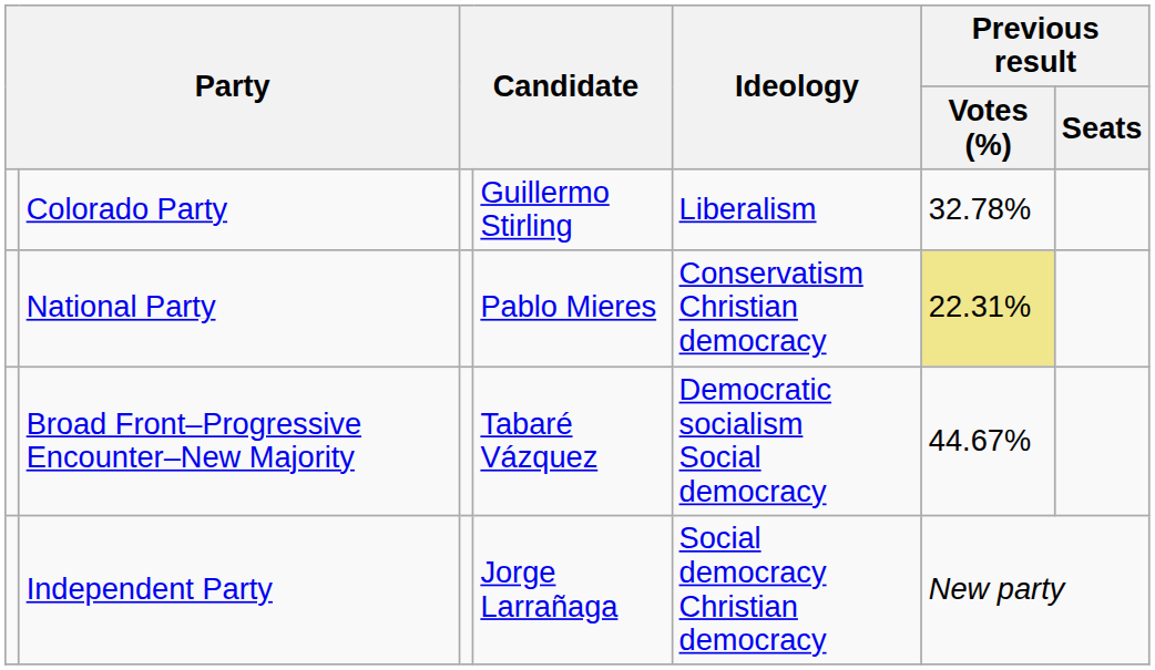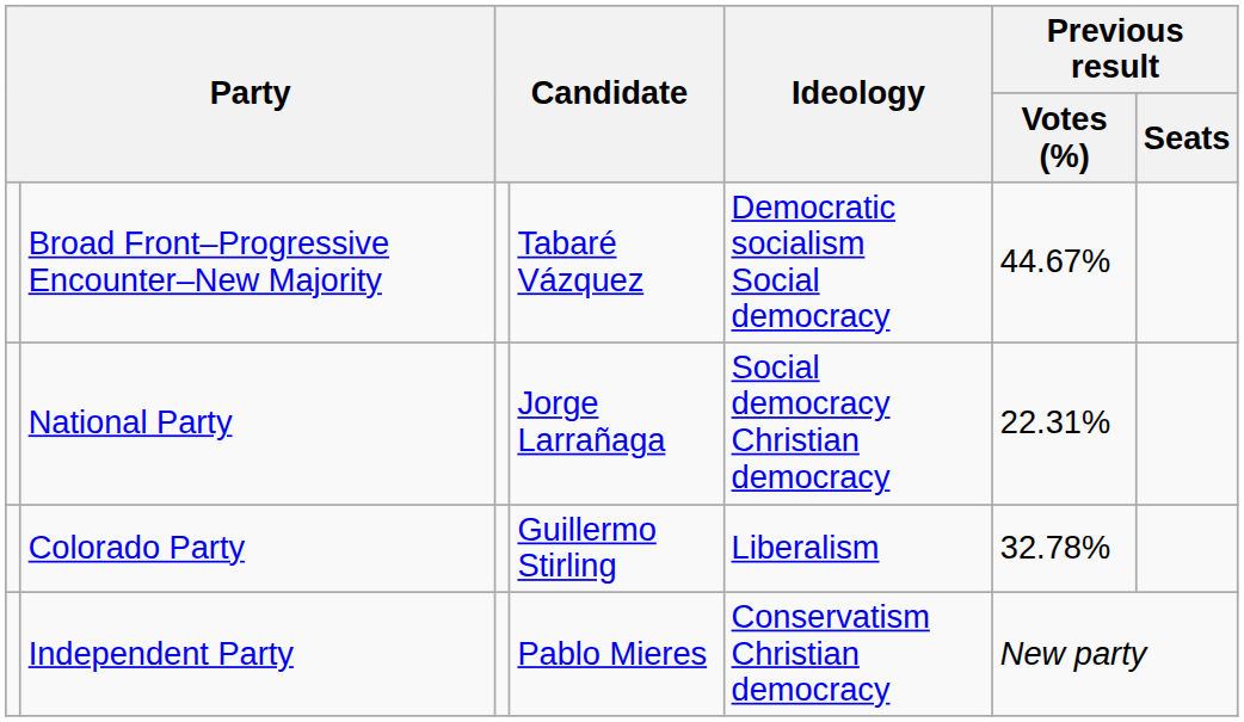 <table class="wikitable">
 <tr>
 <th colspan="2" rowspan="2">Party</th>
 <th colspan="2" rowspan="2">Candidate</th>
 <th rowspan="2">Ideology</th>
 <th colspan="2">Previous result</th>
 </tr>
 <tr>
 <th>Votes (%)</th>
 <th>Seats</th>
 </tr>
 <tr>
 <td></td>
+<td><a href='#'>Broad Front–Progressive Encounter–New Majority</a></td>
+<td></td>
+<td><a href='#'>Tabaré Vázquez</a></td>
+<td><a href='#'>Democratic socialism</a><br><a href='#'>Social democracy</a></td>
+<td>44.67%</td>
+<td></td>
+</tr>
+<tr>
+<td></td>
+<td><a href='#'>National Party</a></td>
+<td></td>
+<td><a href='#'>Jorge Larrañaga</a></td>
+<td><a href='#'>Social democracy</a><br><a href='#'>Christian democracy</a></td>
+<td>22.31%</td>
+<td></td>
+</tr>
+<tr>
+<td></td>
 <td><a href='#'>Colorado Party</a></td>
 <td></td>
 <td><a href='#'>Guillermo Stirling</a></td>
 <td><a href='#'>Liberalism</a></td>
 <td>32.78%</td>
 <td></td>
 </tr>
 <tr>
 <td></td>
-<td><a href='#'>National Party</a></td>
+<td><a href='#'>Independent Party</a></td>
 <td></td>
 <td><a href='#'>Pablo Mieres</a></td>
 <td><a href='#'>Conservatism</a><br><a href='#'>Christian democracy</a></td>
-<td style="background: khaki;">22.31%</td>
-<td></td>
-</tr>
-<tr>
-<td></td>
-<td><a href='#'>Broad Front–Progressive Encounter–New Majority</a></td>
-<td></td>
-<td><a href='#'>Tabaré Vázquez</a></td>
-<td><a href='#'>Democratic socialism</a><br><a href='#'>Social democracy</a></td>
-<td>44.67%</td>
-<td></td>
-</tr>
-<tr>
-<td></td>
-<td><a href='#'>Independent Party</a></td>
-<td></td>
-<td><a href='#'>Jorge Larrañaga</a></td>
-<td><a href='#'>Social democracy</a><br><a href='#'>Christian democracy</a></td>
 <td colspan="2"><em>New party</em></td>
 </tr>
 </table>
